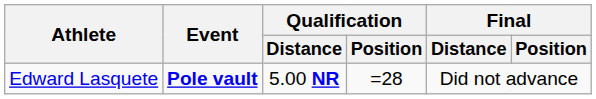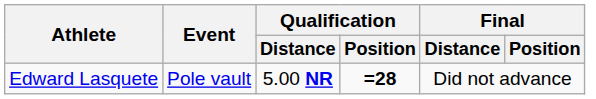 <table class=wikitable style=font-size:90%;text-align:center>
 <tr>
 <th rowspan=2>Athlete</th>
 <th rowspan=2>Event</th>
 <th colspan=2>Qualification</th>
 <th colspan=2>Final</th>
 </tr>
 <tr style=font-size:95%>
 <th>Distance</th>
 <th>Position</th>
 <th>Distance</th>
 <th>Position</th>
 </tr>
 <tr>
 <td align=left><a href='#'>Edward Lasquete</a></td>
-<td align=left><strong><a href='#'>Pole vault</a></strong></td>
+<td align=left><a href='#'>Pole vault</a></td>
 <td>5.00 <strong><a href='#'>NR</a></strong></td>
-<td>=28</td>
+<td><strong>=28</strong></td>
 <td colspan=2>Did not advance</td>
 </tr>
 </table>
